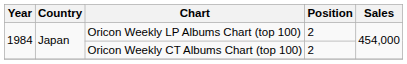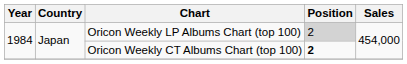 <table class="wikitable">
 <tr>
 <th>Year</th>
 <th>Country</th>
 <th>Chart</th>
 <th>Position</th>
 <th>Sales</th>
 </tr>
 <tr>
 <td rowspan=2>1984</td>
 <td rowspan=2>Japan</td>
 <td>Oricon Weekly LP Albums Chart (top 100)</td>
-<td>2</td>
+<td style="background: lightgrey;">2</td>
 <td rowspan=2>454,000</td>
 </tr>
 <tr>
 <td>Oricon Weekly CT Albums Chart (top 100)</td>
-<td>2</td>
+<td><strong>2</strong></td>
 </tr>
 <tr>
 </tr>
 </table>
